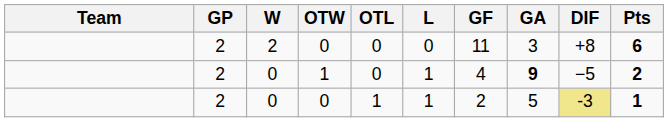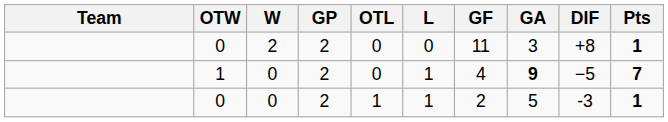 <table class="wikitable" style="text-align:center;">
 <tr>
 <th width=165>Team</th>
+<th width=40>OTW</th>
+<th width=40>W</th>
 <th width=40>GP</th>
-<th width=40>W</th>
-<th width=40>OTW</th>
 <th width=40>OTL</th>
 <th width=40>L</th>
 <th width=40>GF</th>
 <th width=40>GA</th>
 <th width=40>DIF</th>
 <th width=40>Pts</th>
 </tr>
 <tr>
 <td style="text-align:left;"></td>
+<td>0</td>
 <td>2</td>
 <td>2</td>
-<td>0</td>
 <td>0</td>
 <td>0</td>
 <td>11</td>
 <td>3</td>
 <td>+8</td>
-<td><strong>6</strong></td>
+<td><strong>1</strong></td>
 </tr>
 <tr>
 <td style="text-align:left;"></td>
+<td>1</td>
+<td>0</td>
 <td>2</td>
-<td>0</td>
-<td>1</td>
 <td>0</td>
 <td>1</td>
 <td>4</td>
 <td><strong>9</strong></td>
 <td>−5</td>
-<td><strong>2</strong></td>
+<td><strong>7</strong></td>
 </tr>
 <tr>
 <td style="text-align:left;"></td>
-<td>2</td>
 <td>0</td>
 <td>0</td>
+<td>2</td>
 <td>1</td>
 <td>1</td>
 <td>2</td>
 <td>5</td>
-<td style="background: khaki;">-3</td>
+<td>-3</td>
 <td><strong>1</strong></td>
 </tr>
 </table>
